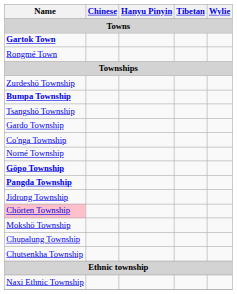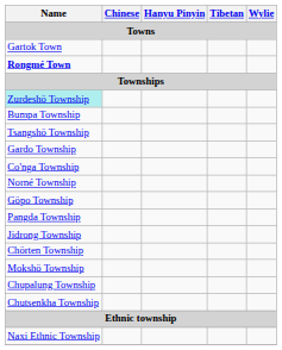 <table class="wikitable"  style="font-size:90%;" align=center>
 <tr>
 <th>Name</th>
 <th><a href='#'>Chinese</a></th>
 <th><a href='#'>Hanyu Pinyin</a></th>
 <th><a href='#'>Tibetan</a></th>
 <th><a href='#'>Wylie</a></th>
 </tr>
 <tr --------->
 <td colspan="7"  style="text-align:center; background:#d3d3d3;"><strong>Towns</strong></td>
 </tr>
 <tr --------->
-<td><strong><a href='#'>Gartok Town</a></strong></td>
+<td><a href='#'>Gartok Town</a></td>
 <td></td>
 <td></td>
 <td></td>
 <td></td>
 </tr>
 <tr>
-<td><a href='#'>Rongmé Town</a></td>
+<td><strong><a href='#'>Rongmé Town</a></strong></td>
 <td></td>
 <td></td>
 <td></td>
 <td></td>
 </tr>
 <tr --------->
 <td colspan="7"  style="text-align:center; background:#d3d3d3;"><strong>Townships</strong></td>
 </tr>
 <tr --------->
-<td><a href='#'>Zurdeshö Township</a></td>
+<td style="background: paleturquoise;"><a href='#'>Zurdeshö Township</a></td>
 <td></td>
 <td></td>
 <td></td>
 <td></td>
 </tr>
 <tr>
-<td><strong><a href='#'>Bumpa Township</a></strong></td>
+<td><a href='#'>Bumpa Township</a></td>
 <td></td>
 <td></td>
 <td></td>
 <td></td>
 </tr>
 <tr>
 <td><a href='#'>Tsangshö Township</a></td>
 <td></td>
 <td></td>
 <td></td>
 <td></td>
 </tr>
 <tr>
 <td><a href='#'>Gardo Township</a></td>
 <td></td>
 <td></td>
 <td></td>
 <td></td>
 </tr>
 <tr>
 <td><a href='#'>Co'nga Township</a></td>
 <td></td>
 <td></td>
 <td></td>
 <td></td>
 </tr>
 <tr>
 <td><a href='#'>Norné Township</a></td>
 <td></td>
 <td></td>
 <td></td>
 <td></td>
 </tr>
 <tr>
-<td><strong><a href='#'>Göpo Township</a></strong></td>
+<td><a href='#'>Göpo Township</a></td>
 <td></td>
 <td></td>
 <td></td>
 <td></td>
 </tr>
 <tr>
-<td><strong><a href='#'>Pangda Township</a></strong></td>
+<td><a href='#'>Pangda Township</a></td>
 <td></td>
 <td></td>
 <td></td>
 <td></td>
 </tr>
 <tr>
 <td><a href='#'>Jidrong Township</a></td>
 <td></td>
 <td></td>
 <td></td>
 <td></td>
 </tr>
 <tr>
-<td style="background: pink;"><a href='#'>Chörten Township</a></td>
+<td><a href='#'>Chörten Township</a></td>
 <td></td>
 <td></td>
 <td></td>
 <td></td>
 </tr>
 <tr>
 <td><a href='#'>Mokshö Township</a></td>
 <td></td>
 <td></td>
 <td></td>
 <td></td>
 </tr>
 <tr>
 <td><a href='#'>Chupalung Township</a></td>
 <td></td>
 <td></td>
 <td></td>
 <td></td>
 </tr>
 <tr>
 <td><a href='#'>Chutsenkha Township</a></td>
 <td></td>
 <td></td>
 <td></td>
 <td></td>
 </tr>
 <tr --------->
 <td colspan="7"  style="text-align:center; background:#d3d3d3;"><strong>Ethnic township</strong></td>
 </tr>
 <tr --------->
 <td><a href='#'>Naxi Ethnic Township</a></td>
 <td></td>
 <td></td>
 <td></td>
 <td></td>
 </tr>
 <tr>
 </tr>
 </table>
